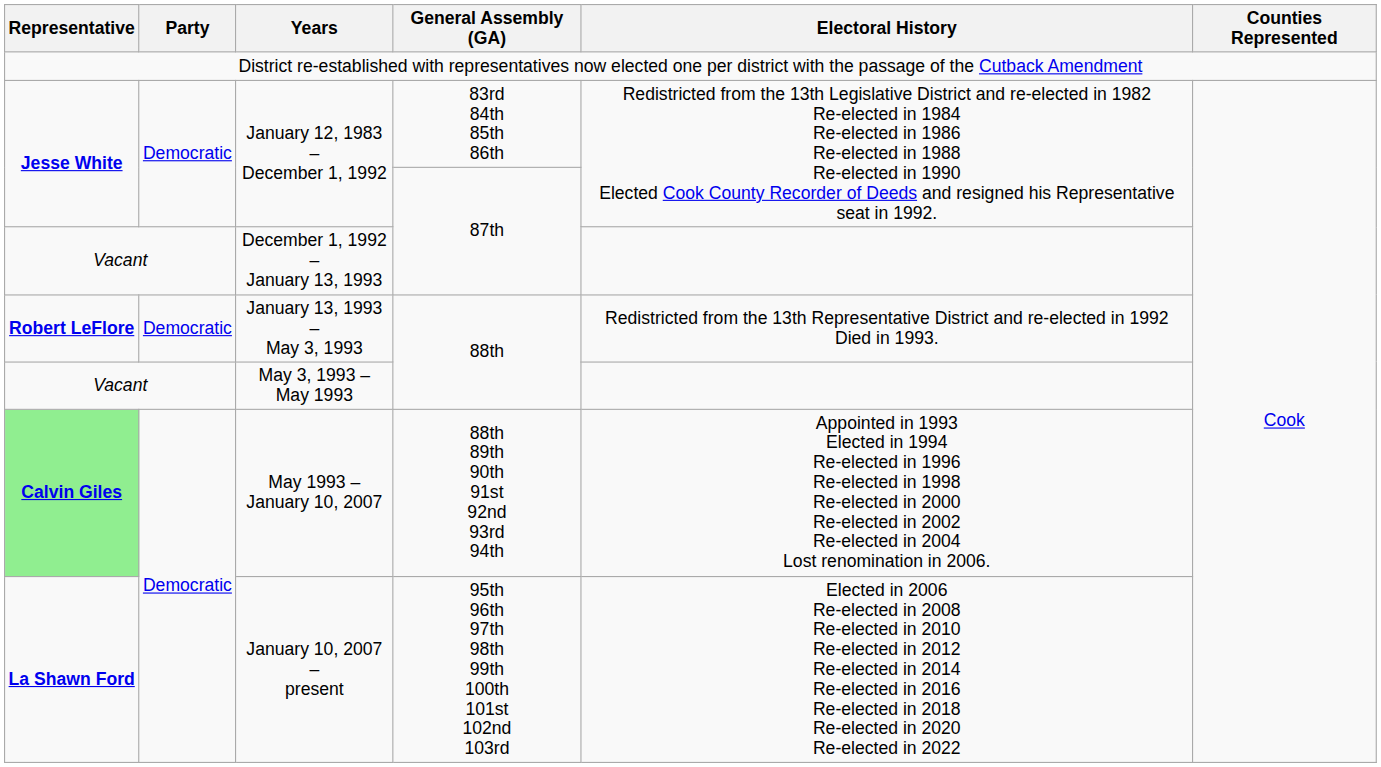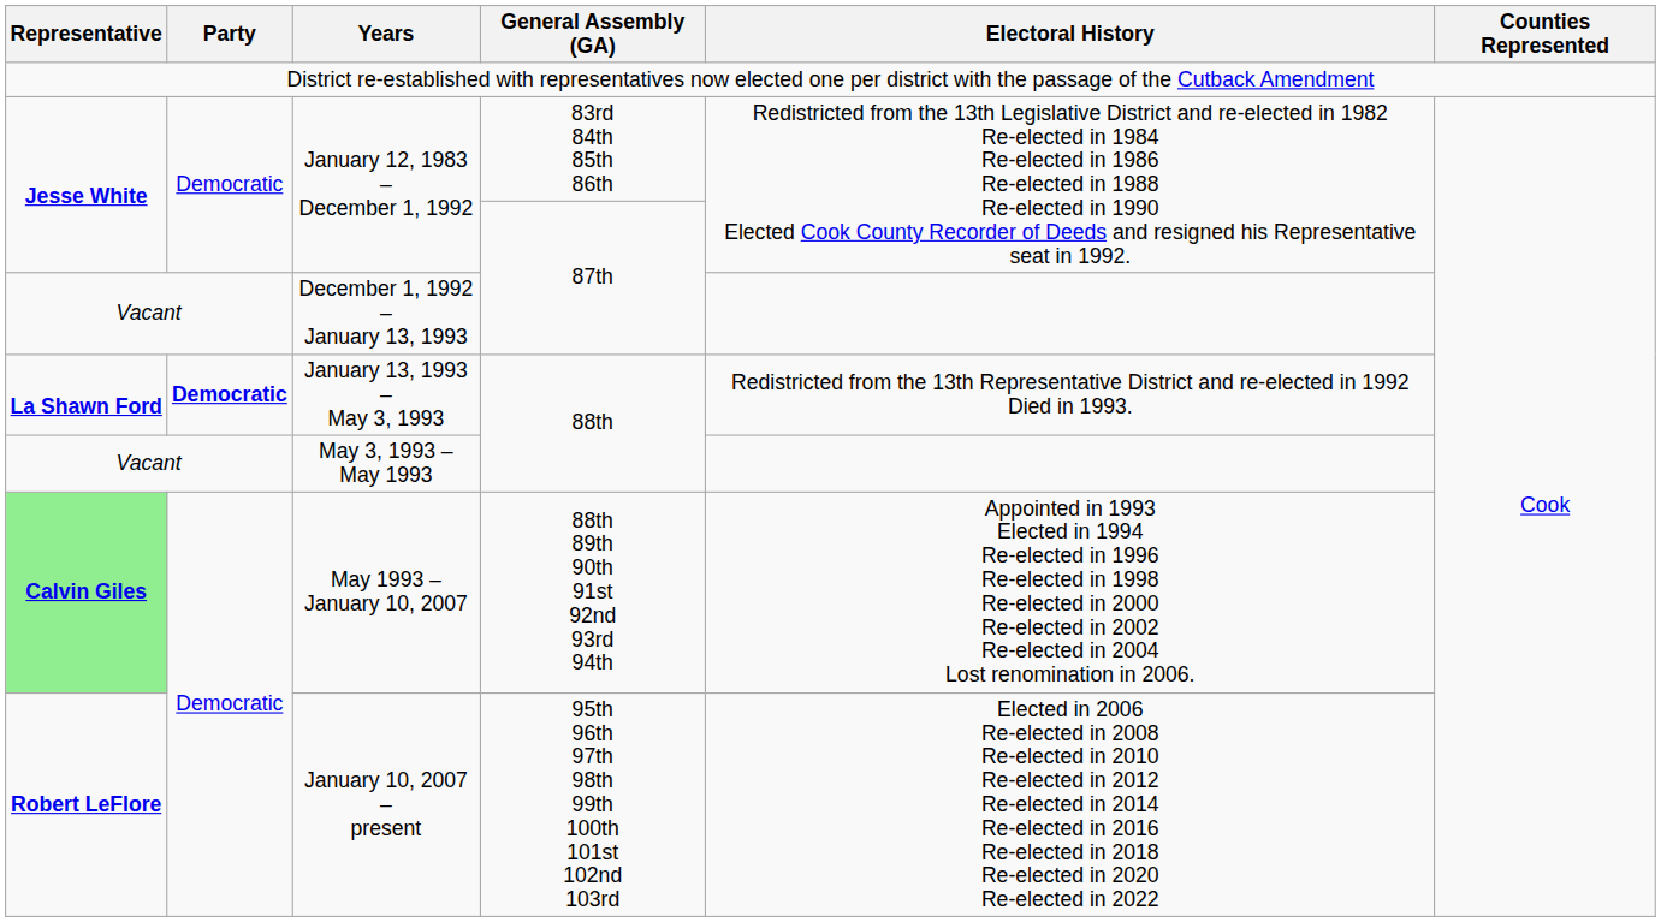 <table class="wikitable" style="text-align:center">
 <tr>
 <th>Representative</th>
 <th>Party</th>
 <th>Years</th>
 <th>General Assembly (GA)</th>
 <th>Electoral History</th>
 <th>Counties Represented</th>
 </tr>
 <tr>
 <td colspan=6>District re-established with representatives now elected one per district with the passage of the <a href='#'>Cutback Amendment</a></td>
 </tr>
 <tr>
 <td rowspan=2 align=center><br><strong><a href='#'>Jesse White</a></strong></td>
 <td rowspan=2 ><a href='#'>Democratic</a></td>
 <td rowspan=2>January 12, 1983 –<br>December 1, 1992</td>
 <td>83rd<br>84th<br>85th<br>86th</td>
 <td rowspan=2>Redistricted from the 13th Legislative District and re-elected in 1982<br>Re-elected in 1984<br>Re-elected in 1986<br>Re-elected in 1988<br>Re-elected in 1990<br>Elected <a href='#'>Cook County Recorder of Deeds</a> and resigned his Representative seat in 1992.</td>
 <td rowspan=7><a href='#'>Cook</a></td>
 </tr>
 <tr>
 <td rowspan=2>87th</td>
 </tr>
 <tr>
 <td colspan=2><em>Vacant</em></td>
 <td>December 1, 1992 –<br>January 13, 1993</td>
 </tr>
 <tr>
-<td><strong><a href='#'>Robert LeFlore</a></strong></td>
-<td><a href='#'>Democratic</a></td>
+<td align=center><br><strong><a href='#'>La Shawn Ford</a></strong></td>
+<td><strong><a href='#'>Democratic</a></strong></td>
 <td>January 13, 1993 –<br>May 3, 1993</td>
 <td rowspan=2>88th</td>
 <td>Redistricted from the 13th Representative District and re-elected in 1992<br>Died in 1993.</td>
 </tr>
 <tr>
 <td colspan=2><em>Vacant</em></td>
 <td>May 3, 1993 –<br>May 1993</td>
 </tr>
 <tr>
 <td style="background: lightgreen;"><strong><a href='#'>Calvin Giles</a></strong></td>
 <td rowspan=2 ><a href='#'>Democratic</a></td>
 <td>May 1993 –<br>January 10, 2007</td>
 <td>88th<br>89th<br>90th<br>91st<br>92nd<br>93rd<br>94th</td>
 <td>Appointed in 1993<br>Elected in 1994<br>Re-elected in 1996<br>Re-elected in 1998<br>Re-elected in 2000<br>Re-elected in 2002<br>Re-elected in 2004<br>Lost renomination in 2006.</td>
 </tr>
 <tr>
-<td align=center><br><strong><a href='#'>La Shawn Ford</a></strong></td>
+<td><strong><a href='#'>Robert LeFlore</a></strong></td>
 <td>January 10, 2007 –<br>present</td>
 <td>95th<br>96th<br>97th<br>98th<br>99th<br>100th<br>101st<br>102nd<br>103rd</td>
 <td>Elected in 2006<br>Re-elected in 2008<br>Re-elected in 2010<br>Re-elected in 2012<br>Re-elected in 2014<br>Re-elected in 2016<br>Re-elected in 2018<br>Re-elected in 2020<br>Re-elected in 2022</td>
 </tr>
 </table>
